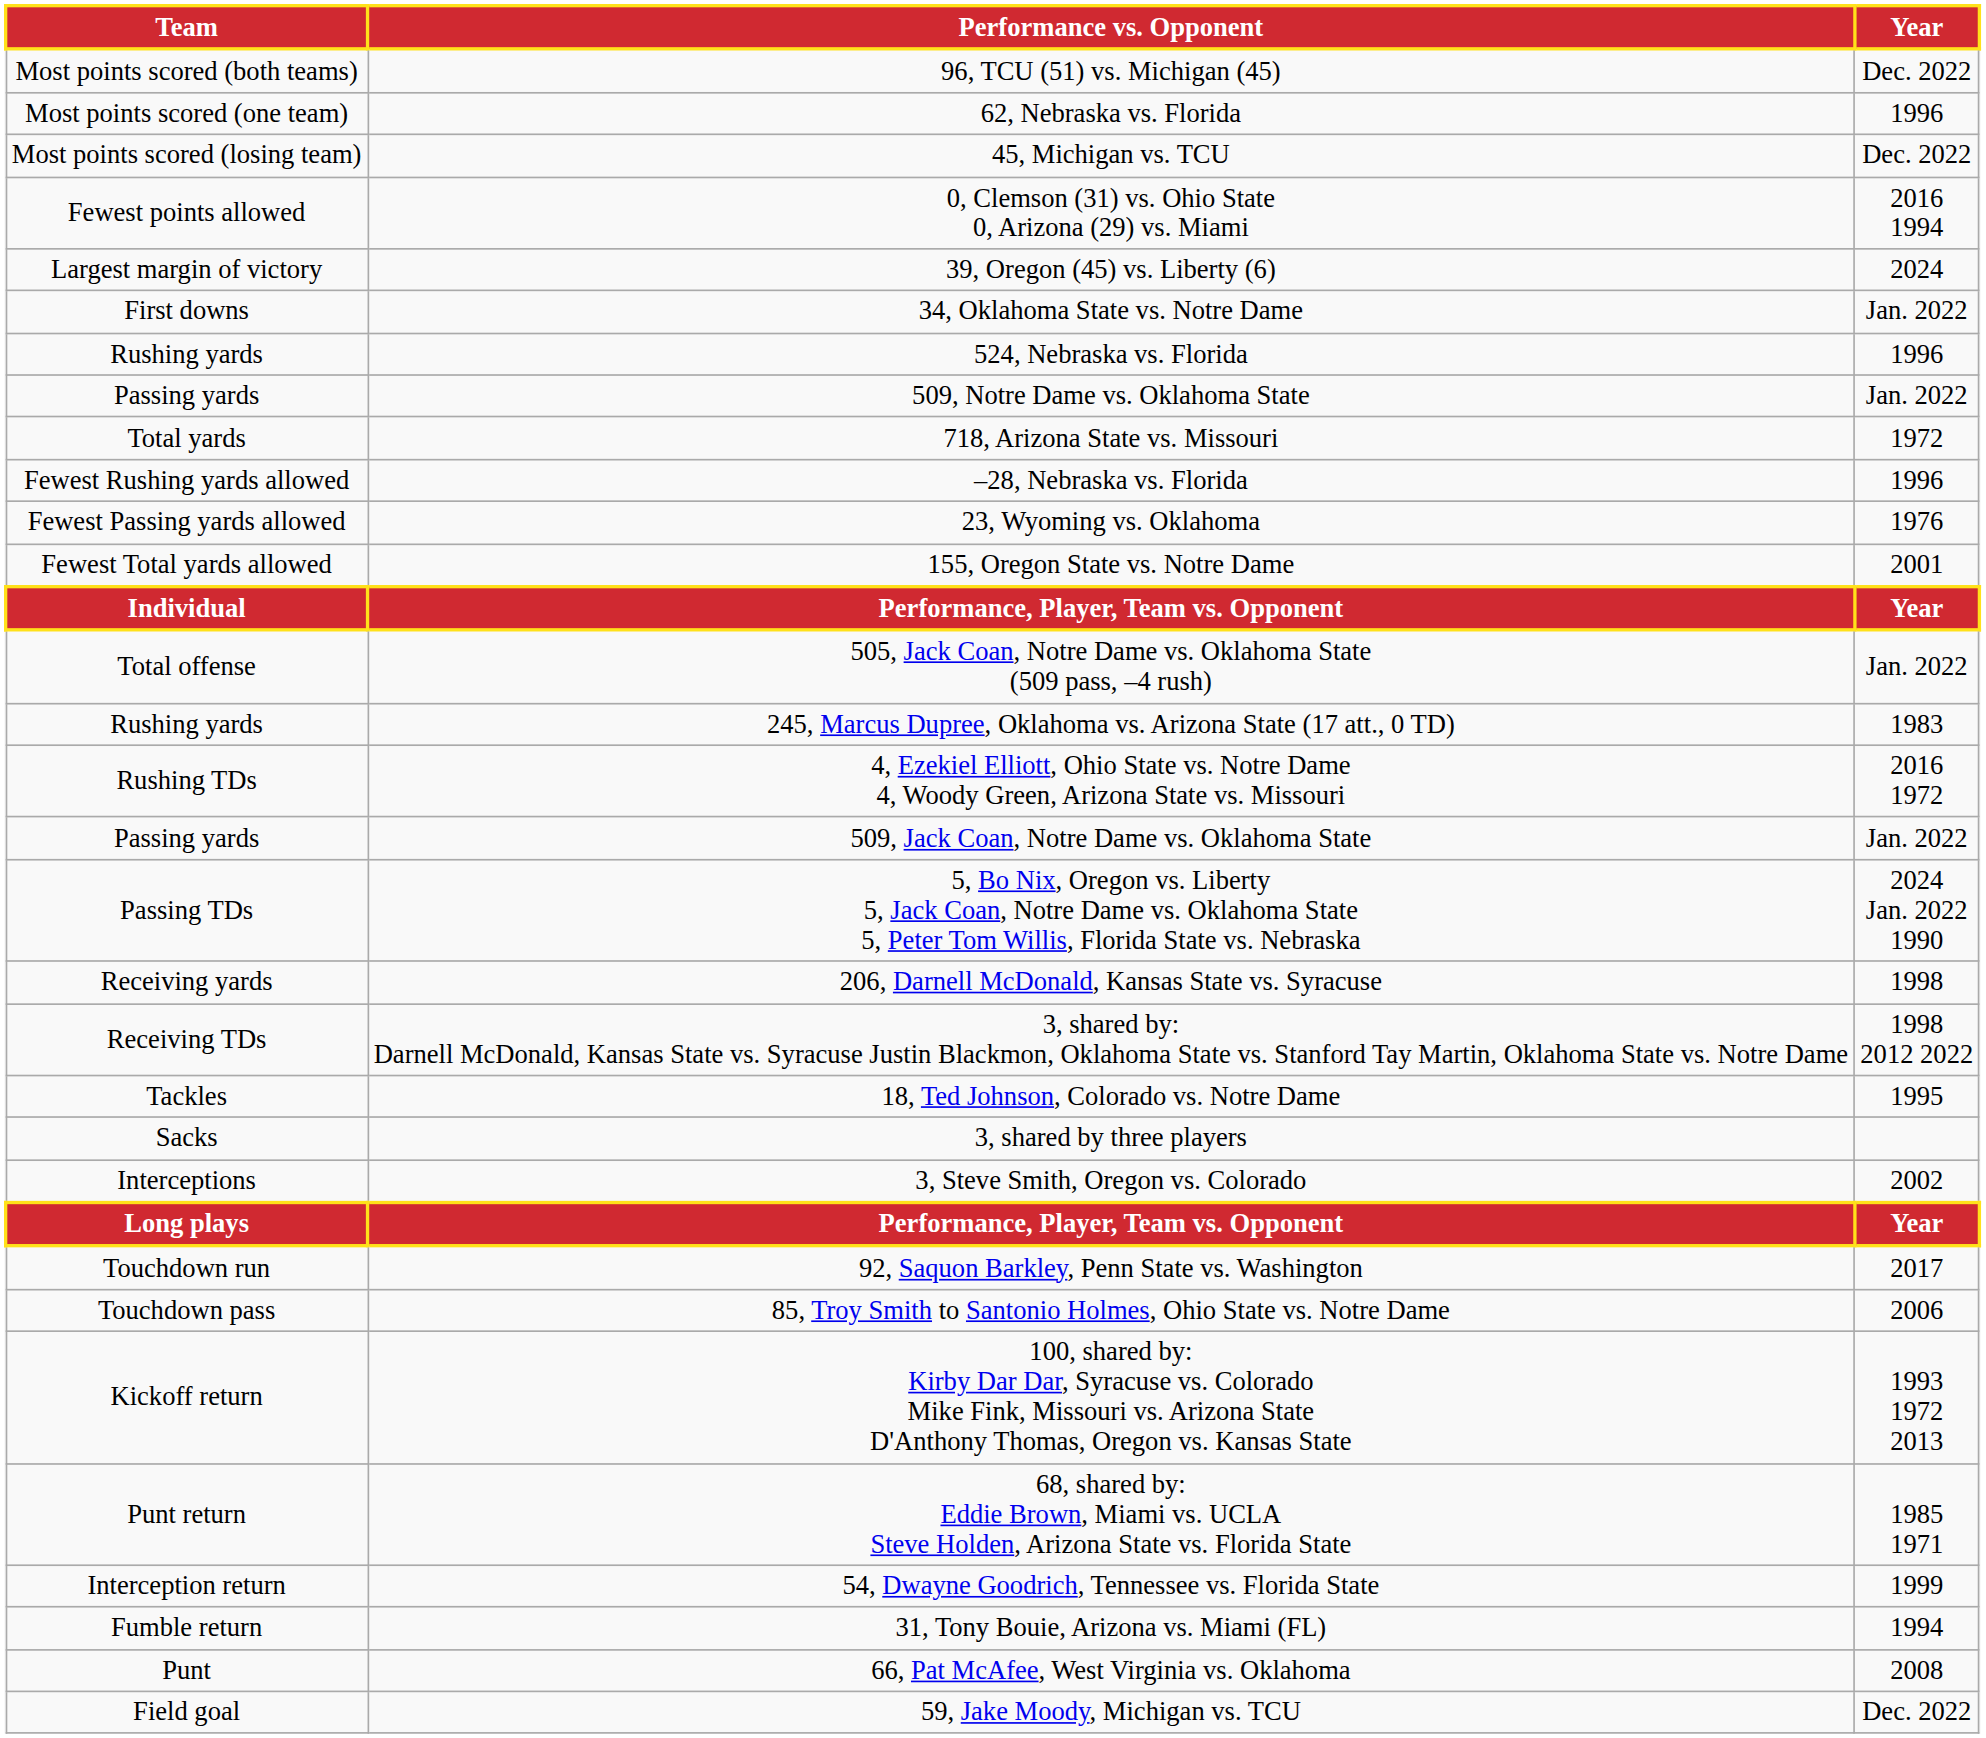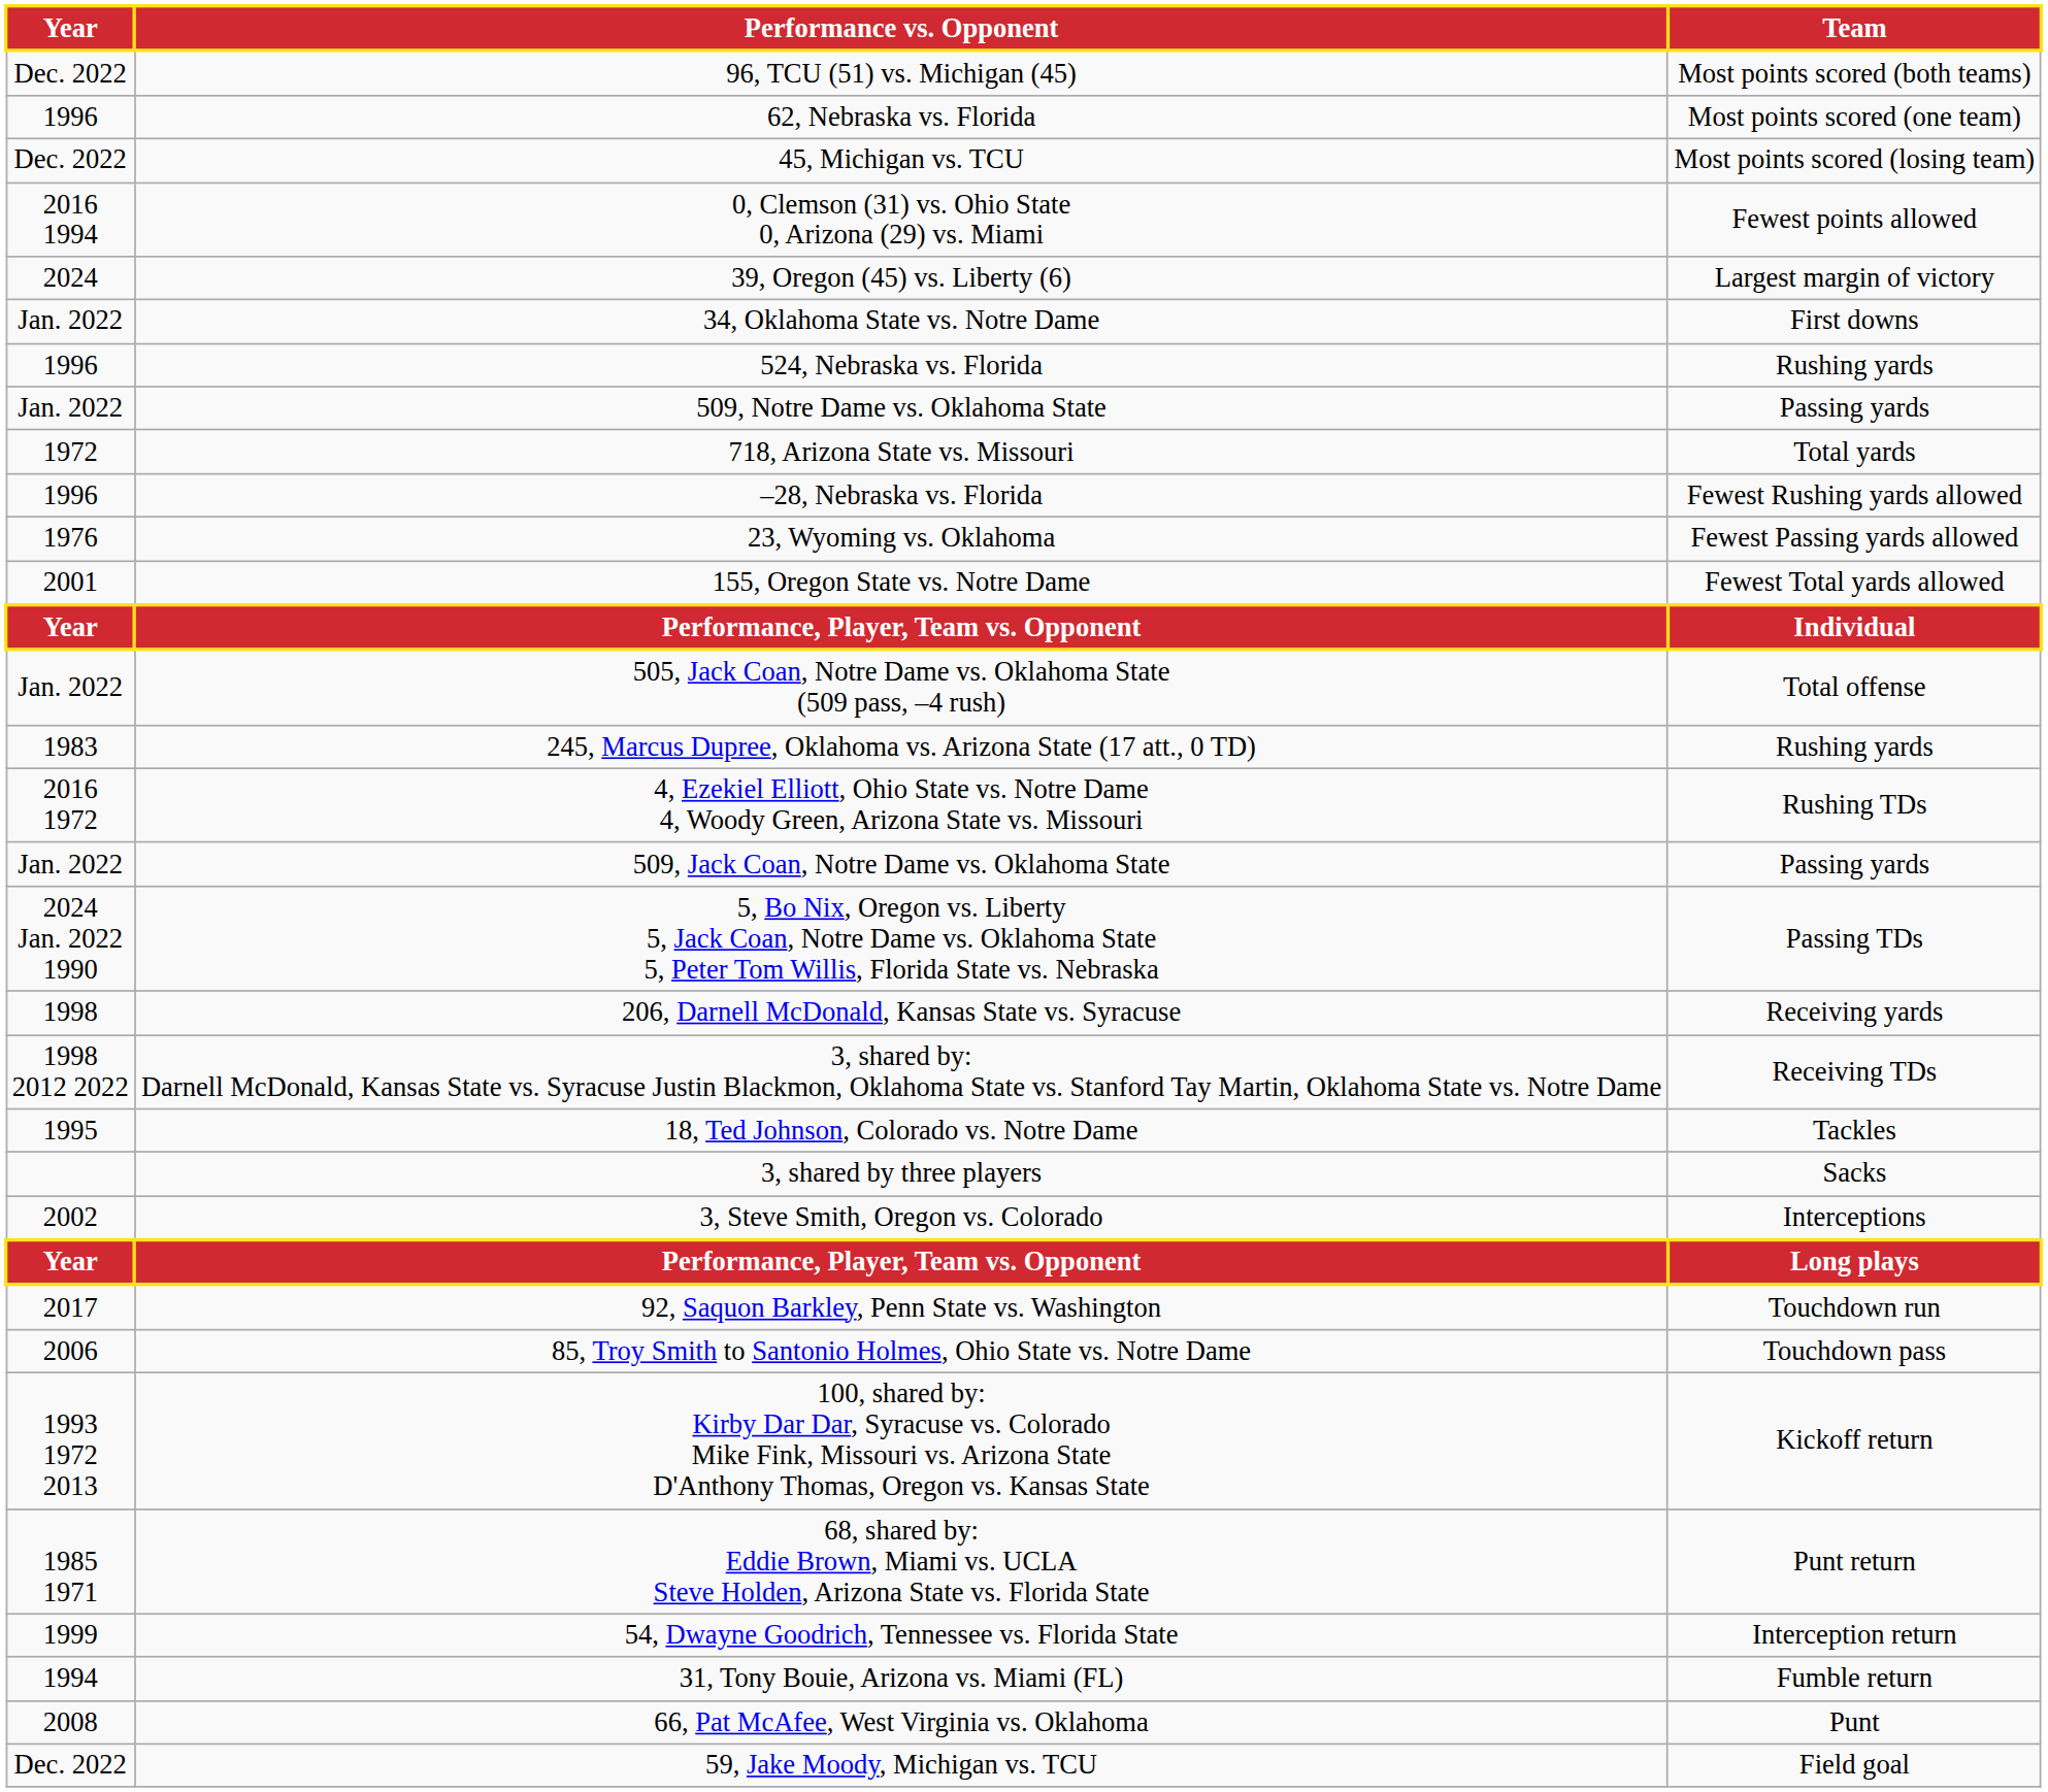 <table class="wikitable" style="text-align:center">
 <tr>
+<th style="background:#D02931; color:#FFFFFF; border:2px solid #FFE11A;">Year</th>
+<th style="background:#D02931; color:#FFFFFF; border:2px solid #FFE11A;">Performance vs. Opponent</th>
 <th style="background:#D02931; color:#FFFFFF; border:2px solid #FFE11A;">Team</th>
-<th style="background:#D02931; color:#FFFFFF; border:2px solid #FFE11A;">Performance vs. Opponent</th>
-<th style="background:#D02931; color:#FFFFFF; border:2px solid #FFE11A;">Year</th>
 </tr>
 <tr>
+<td>Dec. 2022</td>
+<td>96, TCU (51) vs. Michigan (45)</td>
 <td>Most points scored (both teams)</td>
-<td>96, TCU (51) vs. Michigan (45)</td>
-<td>Dec. 2022</td>
 </tr>
 <tr>
+<td>1996</td>
+<td>62, Nebraska vs. Florida</td>
 <td>Most points scored (one team)</td>
-<td>62, Nebraska vs. Florida</td>
-<td>1996</td>
 </tr>
 <tr>
+<td>Dec. 2022</td>
+<td>45, Michigan vs. TCU</td>
 <td>Most points scored (losing team)</td>
-<td>45, Michigan vs. TCU</td>
-<td>Dec. 2022</td>
 </tr>
 <tr>
+<td>2016<br>1994</td>
+<td>0, Clemson (31) vs. Ohio State<br>0, Arizona (29) vs. Miami</td>
 <td>Fewest points allowed</td>
-<td>0, Clemson (31) vs. Ohio State<br>0, Arizona (29) vs. Miami</td>
-<td>2016<br>1994</td>
 </tr>
 <tr>
+<td>2024</td>
+<td>39, Oregon (45) vs. Liberty (6)</td>
 <td>Largest margin of victory</td>
-<td>39, Oregon (45) vs. Liberty (6)</td>
-<td>2024</td>
 </tr>
 <tr>
+<td>Jan. 2022</td>
+<td>34, Oklahoma State vs. Notre Dame</td>
 <td>First downs</td>
-<td>34, Oklahoma State vs. Notre Dame</td>
-<td>Jan. 2022</td>
 </tr>
 <tr>
+<td>1996</td>
+<td>524, Nebraska vs. Florida</td>
 <td>Rushing yards</td>
-<td>524, Nebraska vs. Florida</td>
-<td>1996</td>
 </tr>
 <tr>
+<td>Jan. 2022</td>
+<td>509, Notre Dame vs. Oklahoma State</td>
 <td>Passing yards</td>
-<td>509, Notre Dame vs. Oklahoma State</td>
-<td>Jan. 2022</td>
 </tr>
 <tr>
+<td>1972</td>
+<td>718, Arizona State vs. Missouri</td>
 <td>Total yards</td>
-<td>718, Arizona State vs. Missouri</td>
-<td>1972</td>
 </tr>
 <tr>
+<td>1996</td>
+<td>–28, Nebraska vs. Florida</td>
 <td>Fewest Rushing yards allowed</td>
-<td>–28, Nebraska vs. Florida</td>
-<td>1996</td>
 </tr>
 <tr>
+<td>1976</td>
+<td>23, Wyoming vs. Oklahoma</td>
 <td>Fewest Passing yards allowed</td>
-<td>23, Wyoming vs. Oklahoma</td>
-<td>1976</td>
 </tr>
 <tr>
+<td>2001</td>
+<td>155, Oregon State vs. Notre Dame</td>
 <td>Fewest Total yards allowed</td>
-<td>155, Oregon State vs. Notre Dame</td>
-<td>2001</td>
 </tr>
 <tr>
+<th style="background:#D02931; color:#FFFFFF; border:2px solid #FFE11A;">Year</th>
+<th style="background:#D02931; color:#FFFFFF; border:2px solid #FFE11A;">Performance, Player, Team vs. Opponent</th>
 <th style="background:#D02931; color:#FFFFFF; border:2px solid #FFE11A;">Individual</th>
-<th style="background:#D02931; color:#FFFFFF; border:2px solid #FFE11A;">Performance, Player, Team vs. Opponent</th>
-<th style="background:#D02931; color:#FFFFFF; border:2px solid #FFE11A;">Year</th>
 </tr>
 <tr>
+<td>Jan. 2022</td>
+<td>505, <a href='#'>Jack Coan</a>, Notre Dame vs. Oklahoma State<br>(509 pass, –4 rush)</td>
 <td>Total offense</td>
-<td>505, <a href='#'>Jack Coan</a>, Notre Dame vs. Oklahoma State<br>(509 pass, –4 rush)</td>
-<td>Jan. 2022</td>
 </tr>
 <tr>
+<td>1983</td>
+<td>245, <a href='#'>Marcus Dupree</a>, Oklahoma vs. Arizona State (17 att., 0 TD)</td>
 <td>Rushing yards</td>
-<td>245, <a href='#'>Marcus Dupree</a>, Oklahoma vs. Arizona State (17 att., 0 TD)</td>
-<td>1983</td>
 </tr>
 <tr>
+<td>2016<br>1972</td>
+<td>4, <a href='#'>Ezekiel Elliott</a>, Ohio State vs. Notre Dame<br>4, Woody Green, Arizona State vs. Missouri</td>
 <td>Rushing TDs</td>
-<td>4, <a href='#'>Ezekiel Elliott</a>, Ohio State vs. Notre Dame<br>4, Woody Green, Arizona State vs. Missouri</td>
-<td>2016<br>1972</td>
 </tr>
 <tr>
+<td>Jan. 2022</td>
+<td>509, <a href='#'>Jack Coan</a>, Notre Dame vs. Oklahoma State</td>
 <td>Passing yards</td>
-<td>509, <a href='#'>Jack Coan</a>, Notre Dame vs. Oklahoma State</td>
-<td>Jan. 2022</td>
 </tr>
 <tr>
+<td>2024<br>Jan. 2022<br>1990</td>
+<td>5, <a href='#'>Bo Nix</a>, Oregon vs. Liberty<br>5, <a href='#'>Jack Coan</a>, Notre Dame vs. Oklahoma State<br>5, <a href='#'>Peter Tom Willis</a>, Florida State vs. Nebraska</td>
 <td>Passing TDs</td>
-<td>5, <a href='#'>Bo Nix</a>, Oregon vs. Liberty<br>5, <a href='#'>Jack Coan</a>, Notre Dame vs. Oklahoma State<br>5, <a href='#'>Peter Tom Willis</a>, Florida State vs. Nebraska</td>
-<td>2024<br>Jan. 2022<br>1990</td>
 </tr>
 <tr>
+<td>1998</td>
+<td>206, <a href='#'>Darnell McDonald</a>, Kansas State vs. Syracuse</td>
 <td>Receiving yards</td>
-<td>206, <a href='#'>Darnell McDonald</a>, Kansas State vs. Syracuse</td>
-<td>1998</td>
 </tr>
 <tr>
+<td>1998<br>2012 2022</td>
+<td>3, shared by:<br>Darnell McDonald, Kansas State vs. Syracuse Justin Blackmon, Oklahoma State vs. Stanford Tay Martin, Oklahoma State vs. Notre Dame</td>
 <td>Receiving TDs</td>
-<td>3, shared by:<br>Darnell McDonald, Kansas State vs. Syracuse Justin Blackmon, Oklahoma State vs. Stanford Tay Martin, Oklahoma State vs. Notre Dame</td>
-<td>1998<br>2012 2022</td>
 </tr>
 <tr>
+<td>1995</td>
+<td>18, <a href='#'>Ted Johnson</a>, Colorado vs. Notre Dame</td>
 <td>Tackles</td>
-<td>18, <a href='#'>Ted Johnson</a>, Colorado vs. Notre Dame</td>
-<td>1995</td>
 </tr>
 <tr>
+<td></td>
+<td>3, shared by three players</td>
 <td>Sacks</td>
-<td>3, shared by three players</td>
-<td></td>
 </tr>
 <tr>
+<td>2002</td>
+<td>3, Steve Smith, Oregon vs. Colorado</td>
 <td>Interceptions</td>
-<td>3, Steve Smith, Oregon vs. Colorado</td>
-<td>2002</td>
 </tr>
 <tr>
+<th style="background:#D02931; color:#FFFFFF; border:2px solid #FFE11A;">Year</th>
+<th style="background:#D02931; color:#FFFFFF; border:2px solid #FFE11A;">Performance, Player, Team vs. Opponent</th>
 <th style="background:#D02931; color:#FFFFFF; border:2px solid #FFE11A;">Long plays</th>
-<th style="background:#D02931; color:#FFFFFF; border:2px solid #FFE11A;">Performance, Player, Team vs. Opponent</th>
-<th style="background:#D02931; color:#FFFFFF; border:2px solid #FFE11A;">Year</th>
 </tr>
 <tr>
+<td>2017</td>
+<td>92, <a href='#'>Saquon Barkley</a>, Penn State vs. Washington</td>
 <td>Touchdown run</td>
-<td>92, <a href='#'>Saquon Barkley</a>, Penn State vs. Washington</td>
-<td>2017</td>
 </tr>
 <tr>
+<td>2006</td>
+<td>85, <a href='#'>Troy Smith</a> to <a href='#'>Santonio Holmes</a>, Ohio State vs. Notre Dame</td>
 <td>Touchdown pass</td>
-<td>85, <a href='#'>Troy Smith</a> to <a href='#'>Santonio Holmes</a>, Ohio State vs. Notre Dame</td>
-<td>2006</td>
 </tr>
 <tr>
+<td><br>1993<br>1972<br>2013</td>
+<td>100, shared by:<br><a href='#'>Kirby Dar Dar</a>, Syracuse vs. Colorado<br>Mike Fink, Missouri vs. Arizona State<br>D'Anthony Thomas, Oregon vs. Kansas State</td>
 <td>Kickoff return</td>
-<td>100, shared by:<br><a href='#'>Kirby Dar Dar</a>, Syracuse vs. Colorado<br>Mike Fink, Missouri vs. Arizona State<br>D'Anthony Thomas, Oregon vs. Kansas State</td>
-<td><br>1993<br>1972<br>2013</td>
 </tr>
 <tr>
+<td><br>1985<br>1971</td>
+<td>68, shared by:<br><a href='#'>Eddie Brown</a>, Miami vs. UCLA<br><a href='#'>Steve Holden</a>, Arizona State vs. Florida State</td>
 <td>Punt return</td>
-<td>68, shared by:<br><a href='#'>Eddie Brown</a>, Miami vs. UCLA<br><a href='#'>Steve Holden</a>, Arizona State vs. Florida State</td>
-<td><br>1985<br>1971</td>
 </tr>
 <tr>
+<td>1999</td>
+<td>54, <a href='#'>Dwayne Goodrich</a>, Tennessee vs. Florida State</td>
 <td>Interception return</td>
-<td>54, <a href='#'>Dwayne Goodrich</a>, Tennessee vs. Florida State</td>
-<td>1999</td>
 </tr>
 <tr>
+<td>1994</td>
+<td>31, Tony Bouie, Arizona vs. Miami (FL)</td>
 <td>Fumble return</td>
-<td>31, Tony Bouie, Arizona vs. Miami (FL)</td>
-<td>1994</td>
 </tr>
 <tr>
+<td>2008</td>
+<td>66, <a href='#'>Pat McAfee</a>, West Virginia vs. Oklahoma</td>
 <td>Punt</td>
-<td>66, <a href='#'>Pat McAfee</a>, West Virginia vs. Oklahoma</td>
-<td>2008</td>
 </tr>
 <tr>
+<td>Dec. 2022</td>
+<td>59, <a href='#'>Jake Moody</a>, Michigan vs. TCU</td>
 <td>Field goal</td>
-<td>59, <a href='#'>Jake Moody</a>, Michigan vs. TCU</td>
-<td>Dec. 2022</td>
 </tr>
 </table>
